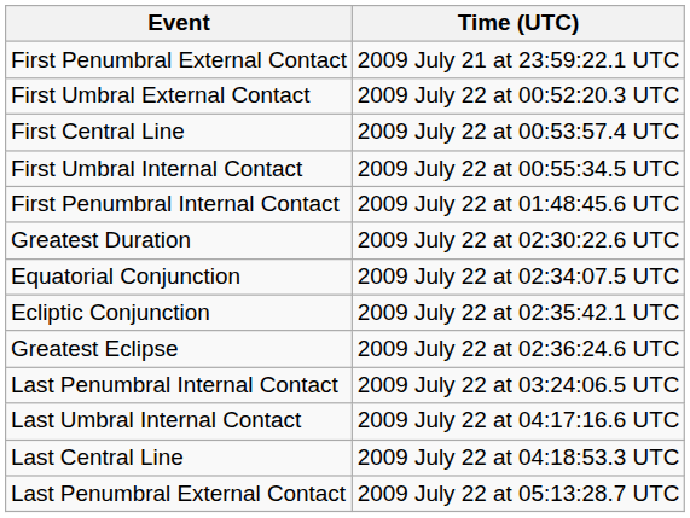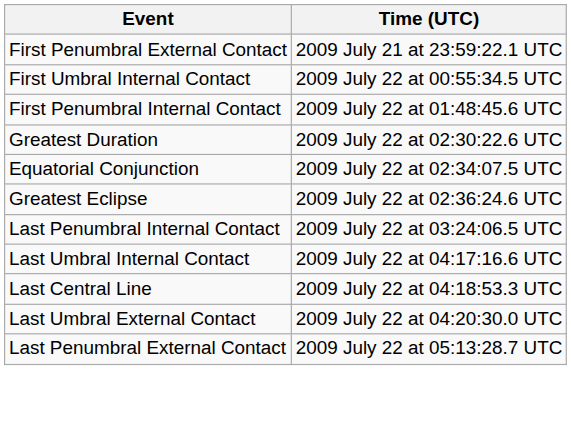 <table class="wikitable">
 <tr>
 <th>Event</th>
 <th>Time (UTC)</th>
 </tr>
 <tr>
 <td>First Penumbral External Contact</td>
 <td>2009 July 21 at 23:59:22.1 UTC</td>
-</tr>
-<tr>
-<td>First Umbral External Contact</td>
-<td>2009 July 22 at 00:52:20.3 UTC</td>
-</tr>
-<tr>
-<td>First Central Line</td>
-<td>2009 July 22 at 00:53:57.4 UTC</td>
 </tr>
 <tr>
 <td>First Umbral Internal Contact</td>
 <td>2009 July 22 at 00:55:34.5 UTC</td>
 </tr>
 <tr>
 <td>First Penumbral Internal Contact</td>
 <td>2009 July 22 at 01:48:45.6 UTC</td>
 </tr>
 <tr>
 <td>Greatest Duration</td>
 <td>2009 July 22 at 02:30:22.6 UTC</td>
 </tr>
 <tr>
 <td>Equatorial Conjunction</td>
 <td>2009 July 22 at 02:34:07.5 UTC</td>
 </tr>
 <tr>
-<td>Ecliptic Conjunction</td>
-<td>2009 July 22 at 02:35:42.1 UTC</td>
-</tr>
-<tr>
 <td>Greatest Eclipse</td>
 <td>2009 July 22 at 02:36:24.6 UTC</td>
 </tr>
 <tr>
 <td>Last Penumbral Internal Contact</td>
 <td>2009 July 22 at 03:24:06.5 UTC</td>
 </tr>
 <tr>
 <td>Last Umbral Internal Contact</td>
 <td>2009 July 22 at 04:17:16.6 UTC</td>
 </tr>
 <tr>
 <td>Last Central Line</td>
 <td>2009 July 22 at 04:18:53.3 UTC</td>
 </tr>
 <tr>
+<td>Last Umbral External Contact</td>
+<td>2009 July 22 at 04:20:30.0 UTC</td>
+</tr>
+<tr>
 <td>Last Penumbral External Contact</td>
 <td>2009 July 22 at 05:13:28.7 UTC</td>
 </tr>
 </table>
